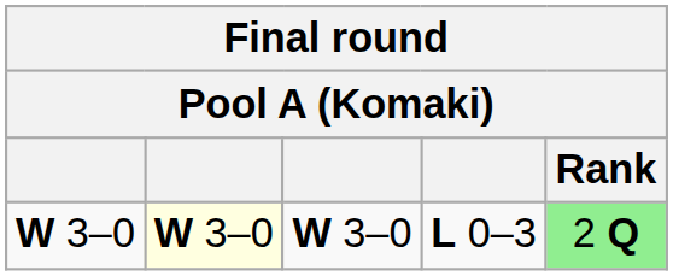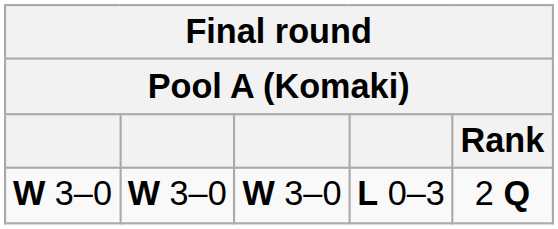 <table class="wikitable" style="font-size:100%;">
 <tr>
 <th colspan=5>Final round</th>
 </tr>
 <tr>
 <th colspan=5>Pool A (Komaki)</th>
 </tr>
 <tr>
 <th></th>
 <th></th>
 <th></th>
 <th></th>
 <th>Rank</th>
 </tr>
 <tr align=center>
 <td><strong>W</strong> 3–0</td>
-<td style="background: lightyellow;"><strong>W</strong> 3–0</td>
+<td><strong>W</strong> 3–0</td>
 <td><strong>W</strong> 3–0</td>
 <td><strong>L</strong> 0–3</td>
-<td style="background: lightgreen;">2 <strong>Q</strong></td>
+<td>2 <strong>Q</strong></td>
 </tr>
 </table>
